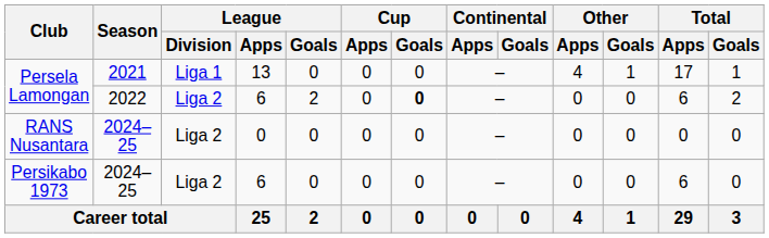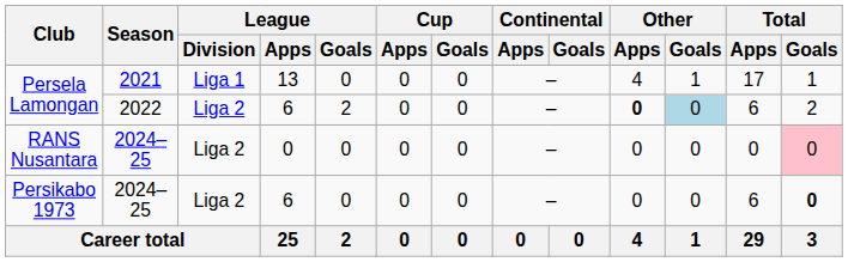 <table class="wikitable" style="text-align: center">
 <tr>
 <th rowspan="2">Club</th>
 <th rowspan="2">Season</th>
 <th colspan="3">League</th>
 <th colspan="2">Cup</th>
 <th colspan="2">Continental</th>
 <th colspan="2">Other</th>
 <th colspan="2">Total</th>
 </tr>
 <tr>
 <th>Division</th>
 <th>Apps</th>
 <th>Goals</th>
 <th>Apps</th>
 <th>Goals</th>
 <th>Apps</th>
 <th>Goals</th>
 <th>Apps</th>
 <th>Goals</th>
 <th>Apps</th>
 <th>Goals</th>
 </tr>
 <tr>
 <td rowspan="2"><a href='#'>Persela Lamongan</a></td>
 <td><a href='#'>2021</a></td>
 <td rowspan="1" valign="center"><a href='#'>Liga 1</a></td>
 <td>13</td>
 <td>0</td>
 <td>0</td>
 <td>0</td>
 <td colspan="2">–</td>
 <td>4</td>
 <td>1</td>
 <td>17</td>
 <td>1</td>
 </tr>
 <tr>
 <td>2022</td>
 <td rowspan="1" valign="center"><a href='#'>Liga 2</a></td>
 <td>6</td>
 <td>2</td>
 <td>0</td>
+<td>0</td>
+<td colspan="2">–</td>
 <td><strong>0</strong></td>
-<td colspan="2">–</td>
-<td>0</td>
-<td>0</td>
+<td style="background: lightblue;">0</td>
 <td>6</td>
 <td>2</td>
 </tr>
 <tr>
 <td rowspan="1"><a href='#'>RANS Nusantara</a></td>
 <td><a href='#'>2024–25</a></td>
 <td rowspan="1" valign="center">Liga 2</td>
 <td>0</td>
 <td>0</td>
 <td>0</td>
 <td>0</td>
 <td colspan="2">–</td>
 <td>0</td>
 <td>0</td>
 <td>0</td>
-<td>0</td>
+<td style="background: pink;">0</td>
 </tr>
 <tr>
 <td rowspan="1"><a href='#'>Persikabo 1973</a></td>
 <td>2024–25</td>
 <td rowspan="1" valign="center">Liga 2</td>
 <td>6</td>
 <td>0</td>
 <td>0</td>
 <td>0</td>
 <td colspan="2">–</td>
 <td>0</td>
 <td>0</td>
 <td>6</td>
-<td>0</td>
+<td><strong>0</strong></td>
 </tr>
 <tr>
 <th colspan=3>Career total</th>
 <th>25</th>
 <th>2</th>
 <th>0</th>
 <th>0</th>
 <th>0</th>
 <th>0</th>
 <th>4</th>
 <th>1</th>
 <th>29</th>
 <th>3</th>
 </tr>
 </table>
